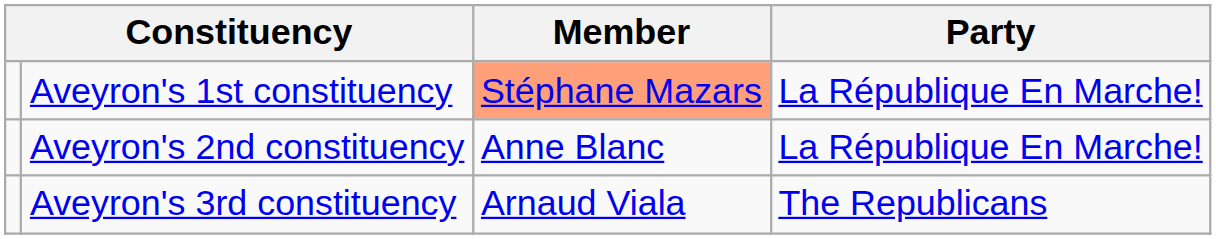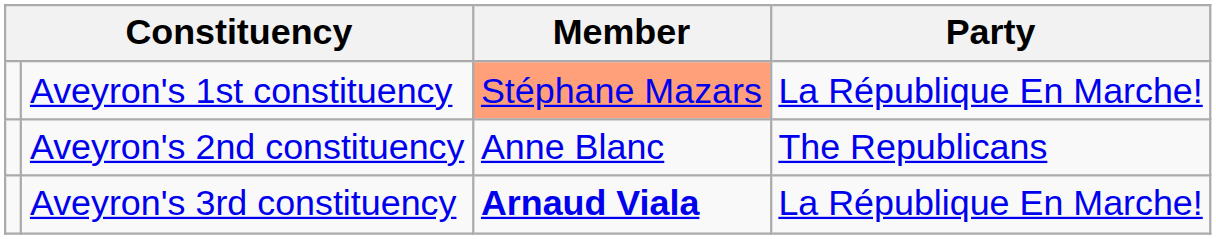 <table class="wikitable">
 <tr>
 <th colspan="2">Constituency</th>
 <th>Member</th>
 <th>Party</th>
 </tr>
 <tr>
 <td style="background-color: "></td>
 <td><a href='#'>Aveyron's 1st constituency</a></td>
 <td style="background: lightsalmon;"><a href='#'>Stéphane Mazars</a></td>
 <td><a href='#'>La République En Marche!</a></td>
 </tr>
 <tr>
 <td style="background-color: "></td>
 <td><a href='#'>Aveyron's 2nd constituency</a></td>
 <td><a href='#'>Anne Blanc</a></td>
-<td><a href='#'>La République En Marche!</a></td>
+<td><a href='#'>The Republicans</a></td>
 </tr>
 <tr>
 <td style="background-color: "></td>
 <td><a href='#'>Aveyron's 3rd constituency</a></td>
-<td><a href='#'>Arnaud Viala</a></td>
-<td><a href='#'>The Republicans</a></td>
+<td><strong><a href='#'>Arnaud Viala</a></strong></td>
+<td><a href='#'>La République En Marche!</a></td>
 </tr>
 </table>
